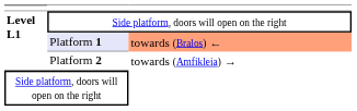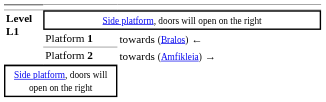 <table table border=0 cellspacing=0 cellpadding=3>
 <tr>
 <td style="border-bottom:solid 1px gray;border-top:solid 2px gray;" width=50 valign=top></td>
 <td style="border-top:solid 1px gray;border-bottom:solid 1px gray;" width=100 valign=top></td>
 <td style="border-top:solid 1px gray;border-bottom:solid 1px gray;" width=285 valign=top></td>
 </tr>
 <tr>
 <td style="border-bottom:solid 1px gray;" rowspan=4 valign=top><strong>Level<br>L1</strong></td>
 <td style="border-top:solid 2px black;border-right:solid 2px black;border-left:solid 2px black;border-bottom:solid 2px black;text-align:center;" colspan=2><small><a href='#'>Side platform</a>, doors will open on the right</small></td>
 </tr>
 <tr>
-<td style="background: lavender; border-bottom:solid 1px gray;">Platform <span><strong>1</strong></span></td>
-<td style="background: lightsalmon;"> towards  <small>(<a href='#'>Bralos</a>)</small> ←</td>
+<td style="border-bottom:solid 1px gray;">Platform <span><strong>1</strong></span></td>
+<td> towards  <small>(<a href='#'>Bralos</a>)</small> ←</td>
 </tr>
 <tr>
 <td style="border-bottom:solid 1px gray;">Platform <span><strong>2</strong></span></td>
 <td> towards  <small>(<a href='#'>Amfikleia</a>)</small> →</td>
 </tr>
 <tr>
 </tr>
 <tr>
 <td style="border-top:solid 2px black;border-left:solid 2px black;border-right:solid 2px black;border-bottom:solid 2px black;text-align:center;" colspan=2><small><a href='#'>Side platform</a>, doors will open on the right</small></td>
 </tr>
 </table>
